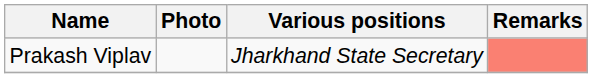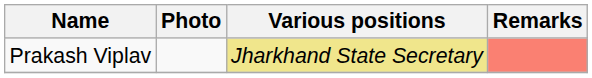 <table class="wikitable sortable" style="text-align:center">
 <tr>
 <th Style="background-color:">Name</th>
 <th Style="background-color:">Photo</th>
 <th Style="background-color:">Various positions</th>
 <th Style="background-color:">Remarks</th>
 </tr>
 <tr>
 <td>Prakash Viplav</td>
 <td></td>
-<td><em>Jharkhand State Secretary</em></td>
+<td style="background: khaki;"><em>Jharkhand State Secretary</em></td>
 <td bgcolor = Salmon></td>
 </tr>
 <tr>
 </tr>
 </table>
